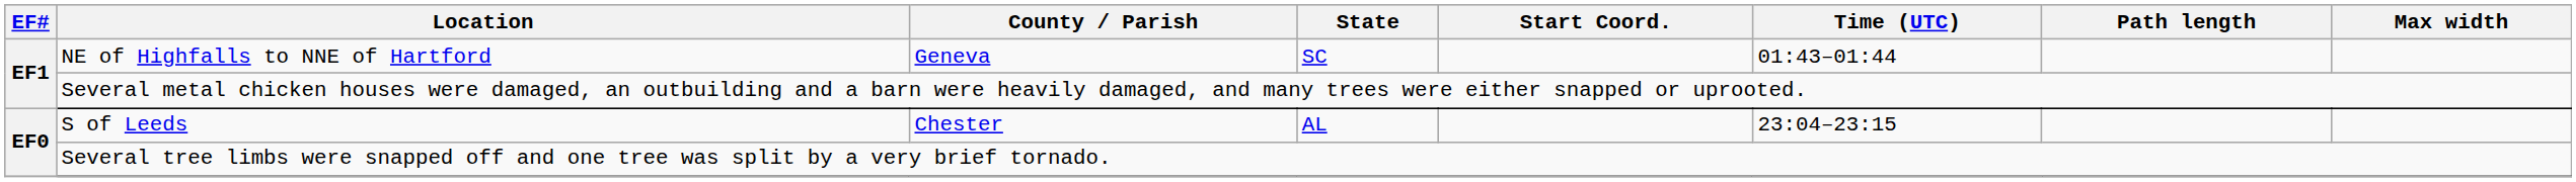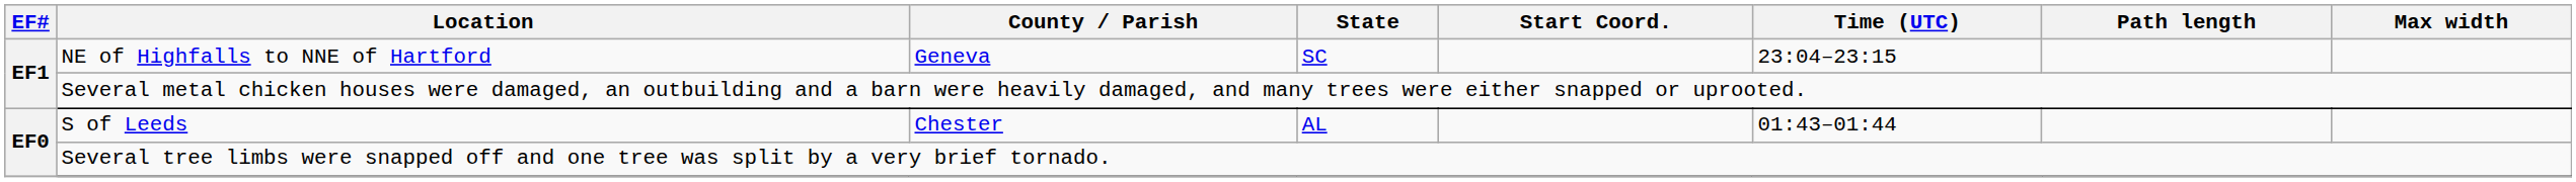 <table class="wikitable sortable" style="width:100%;">
 <tr>
 <th scope="col" width="2%" align="center"><a href='#'>EF#</a></th>
 <th scope="col" align="center" class="unsortable">Location</th>
 <th scope="col" align="center" class="unsortable">County / Parish</th>
 <th scope="col" align="center">State</th>
 <th scope="col" align="center">Start Coord.</th>
 <th scope="col" align="center">Time (<a href='#'>UTC</a>)</th>
 <th scope="col" align="center">Path length</th>
 <th scope="col" align="center">Max width</th>
 </tr>
 <tr>
 <th scope="row" rowspan="2" style="background-color:#">EF1</th>
 <td>NE of <a href='#'>Highfalls</a> to NNE of <a href='#'>Hartford</a></td>
 <td><a href='#'>Geneva</a></td>
 <td><a href='#'>SC</a></td>
 <td></td>
-<td>01:43–01:44</td>
+<td>23:04–23:15</td>
 <td></td>
 <td></td>
 </tr>
 <tr class="expand-child">
 <td colspan="8" style=" border-bottom: 1px solid black;">Several metal chicken houses were damaged, an outbuilding and a barn were heavily damaged, and many trees were either snapped or uprooted.</td>
 </tr>
 <tr>
 <th scope="row" rowspan="2" style="background-color:#">EF0</th>
 <td>S of <a href='#'>Leeds</a></td>
 <td><a href='#'>Chester</a></td>
 <td><a href='#'>AL</a></td>
 <td></td>
-<td>23:04–23:15</td>
+<td>01:43–01:44</td>
 <td></td>
 <td></td>
 </tr>
 <tr class="expand-child">
 <td colspan="8" style=" border-bottom: 1px solid black;">Several tree limbs were snapped off and one tree was split by a very brief tornado.</td>
 </tr>
 <tr>
 </tr>
 </table>
